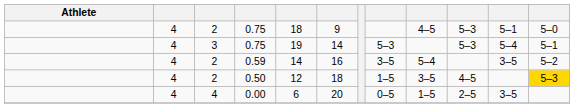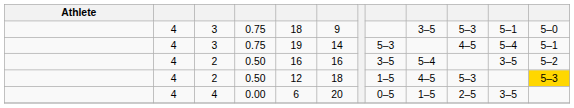 <table class="wikitable" style="text-align:center; font-size:90%;">
 <tr>
 <th width=200>Athlete</th>
 <th width=50></th>
 <th width=50></th>
 <th width=50></th>
 <th width=50></th>
 <th width=50></th>
 <th rowspan=6> </th>
 <th width=50></th>
 <th width=50></th>
 <th width=50></th>
 <th width=50></th>
 <th width=50></th>
 </tr>
 <tr>
 <td align=left></td>
 <td>4</td>
-<td>2</td>
+<td>3</td>
 <td>0.75</td>
 <td>18</td>
 <td>9</td>
 <td></td>
-<td>4–5</td>
+<td>3–5</td>
 <td>5–3</td>
 <td>5–1</td>
 <td>5–0</td>
 </tr>
 <tr>
 <td align=left></td>
 <td>4</td>
 <td>3</td>
 <td>0.75</td>
 <td>19</td>
 <td>14</td>
 <td>5–3</td>
 <td></td>
-<td>5–3</td>
+<td>4–5</td>
 <td>5–4</td>
 <td>5–1</td>
 </tr>
 <tr>
 <td align=left></td>
 <td>4</td>
 <td>2</td>
-<td>0.59</td>
-<td>14</td>
+<td>0.50</td>
+<td>16</td>
 <td>16</td>
 <td>3–5</td>
 <td>5–4</td>
 <td></td>
 <td>3–5</td>
 <td>5–2</td>
 </tr>
 <tr>
 <td align=left></td>
 <td>4</td>
 <td>2</td>
 <td>0.50</td>
 <td>12</td>
 <td>18</td>
 <td>1–5</td>
-<td>3–5</td>
 <td>4–5</td>
+<td>5–3</td>
 <td></td>
 <td style="background: gold;">5–3</td>
 </tr>
 <tr>
 <td align=left></td>
 <td>4</td>
 <td>4</td>
 <td>0.00</td>
 <td>6</td>
 <td>20</td>
 <td>0–5</td>
 <td>1–5</td>
 <td>2–5</td>
 <td>3–5</td>
 <td></td>
 </tr>
 <tr>
 </tr>
 </table>
